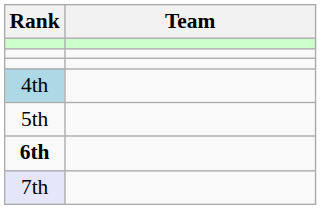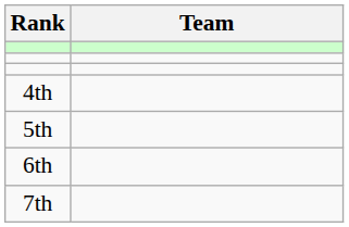 <table class=wikitable style="text-align:center;">
 <tr>
 <th>Rank</th>
 <th width=180>Team</th>
 </tr>
 <tr bgcolor="#ccffcc">
 <td></td>
 <td align=left></td>
 </tr>
 <tr>
 <td></td>
 <td align=left></td>
 </tr>
 <tr>
 <td></td>
 <td align=left></td>
 </tr>
 <tr>
-<td style="background: lightblue;">4th</td>
+<td>4th</td>
 <td align=left></td>
 </tr>
 <tr>
 <td>5th</td>
 <td align=left></td>
 </tr>
 <tr>
-<td><strong>6th</strong></td>
+<td>6th</td>
 <td align=left></td>
 </tr>
 <tr>
-<td style="background: lavender;">7th</td>
+<td>7th</td>
 <td align=left></td>
 </tr>
 </table>
